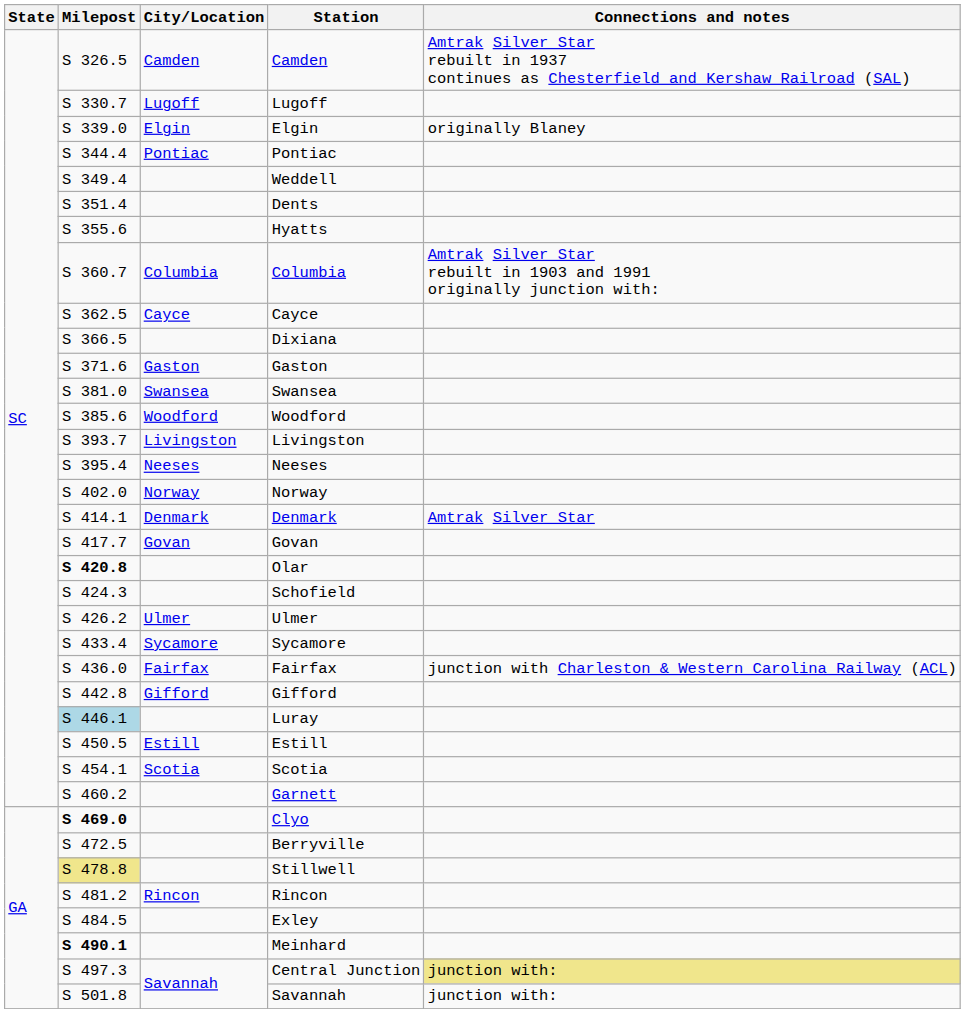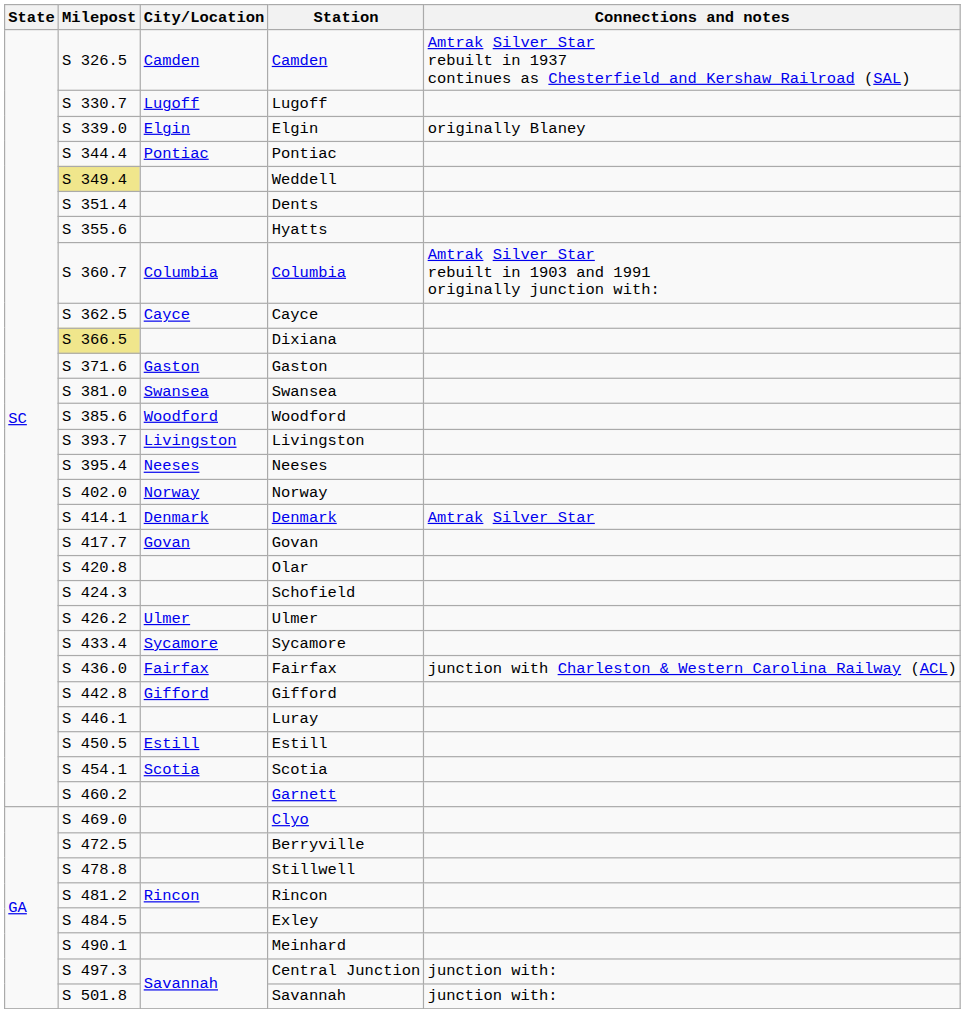 <table class="wikitable">
 <tr>
 <th>State</th>
 <th>Milepost</th>
 <th>City/Location</th>
 <th>Station</th>
 <th>Connections and notes</th>
 </tr>
 <tr>
 <td ! rowspan="28"><a href='#'>SC</a></td>
 <td>S 326.5</td>
 <td><a href='#'>Camden</a></td>
 <td><a href='#'>Camden</a></td>
 <td><a href='#'>Amtrak</a> <a href='#'>Silver Star</a><br>rebuilt in 1937<br>continues as <a href='#'>Chesterfield and Kershaw Railroad</a> (<a href='#'>SAL</a>)</td>
 </tr>
 <tr>
 <td>S 330.7</td>
 <td><a href='#'>Lugoff</a></td>
 <td>Lugoff</td>
 <td></td>
 </tr>
 <tr>
 <td>S 339.0</td>
 <td><a href='#'>Elgin</a></td>
 <td>Elgin</td>
 <td>originally Blaney</td>
 </tr>
 <tr>
 <td>S 344.4</td>
 <td><a href='#'>Pontiac</a></td>
 <td>Pontiac</td>
 <td></td>
 </tr>
 <tr>
-<td>S 349.4</td>
+<td style="background: khaki;">S 349.4</td>
 <td></td>
 <td>Weddell</td>
 <td></td>
 </tr>
 <tr>
 <td>S 351.4</td>
 <td></td>
 <td>Dents</td>
 <td></td>
 </tr>
 <tr>
 <td>S 355.6</td>
 <td></td>
 <td>Hyatts</td>
 <td></td>
 </tr>
 <tr>
 <td>S 360.7</td>
 <td><a href='#'>Columbia</a></td>
 <td><a href='#'>Columbia</a></td>
 <td><a href='#'>Amtrak</a> <a href='#'>Silver Star</a><br>rebuilt in 1903 and 1991<br>originally junction with:<br></td>
 </tr>
 <tr>
 <td>S 362.5</td>
 <td><a href='#'>Cayce</a></td>
 <td>Cayce</td>
 <td></td>
 </tr>
 <tr>
-<td>S 366.5</td>
+<td style="background: khaki;">S 366.5</td>
 <td></td>
 <td>Dixiana</td>
 <td></td>
 </tr>
 <tr>
 <td>S 371.6</td>
 <td><a href='#'>Gaston</a></td>
 <td>Gaston</td>
 <td></td>
 </tr>
 <tr>
 <td>S 381.0</td>
 <td><a href='#'>Swansea</a></td>
 <td>Swansea</td>
 <td></td>
 </tr>
 <tr>
 <td>S 385.6</td>
 <td><a href='#'>Woodford</a></td>
 <td>Woodford</td>
 <td></td>
 </tr>
 <tr>
 <td>S 393.7</td>
 <td><a href='#'>Livingston</a></td>
 <td>Livingston</td>
 <td></td>
 </tr>
 <tr>
 <td>S 395.4</td>
 <td><a href='#'>Neeses</a></td>
 <td>Neeses</td>
 <td></td>
 </tr>
 <tr>
 <td>S 402.0</td>
 <td><a href='#'>Norway</a></td>
 <td>Norway</td>
 <td></td>
 </tr>
 <tr>
 <td>S 414.1</td>
 <td><a href='#'>Denmark</a></td>
 <td><a href='#'>Denmark</a></td>
 <td><a href='#'>Amtrak</a> <a href='#'>Silver Star</a></td>
 </tr>
 <tr>
 <td>S 417.7</td>
 <td><a href='#'>Govan</a></td>
 <td>Govan</td>
 <td></td>
 </tr>
 <tr>
-<td><strong>S 420.8</strong></td>
+<td>S 420.8</td>
 <td></td>
 <td>Olar</td>
 <td></td>
 </tr>
 <tr>
 <td>S 424.3</td>
 <td></td>
 <td>Schofield</td>
 <td></td>
 </tr>
 <tr>
 <td>S 426.2</td>
 <td><a href='#'>Ulmer</a></td>
 <td>Ulmer</td>
 <td></td>
 </tr>
 <tr>
 <td>S 433.4</td>
 <td><a href='#'>Sycamore</a></td>
 <td>Sycamore</td>
 <td></td>
 </tr>
 <tr>
 <td>S 436.0</td>
 <td><a href='#'>Fairfax</a></td>
 <td>Fairfax</td>
 <td>junction with <a href='#'>Charleston & Western Carolina Railway</a> (<a href='#'>ACL</a>)</td>
 </tr>
 <tr>
 <td>S 442.8</td>
 <td><a href='#'>Gifford</a></td>
 <td>Gifford</td>
 <td></td>
 </tr>
 <tr>
-<td style="background: lightblue;">S 446.1</td>
+<td>S 446.1</td>
 <td></td>
 <td>Luray</td>
 <td></td>
 </tr>
 <tr>
 <td>S 450.5</td>
 <td><a href='#'>Estill</a></td>
 <td>Estill</td>
 <td></td>
 </tr>
 <tr>
 <td>S 454.1</td>
 <td><a href='#'>Scotia</a></td>
 <td>Scotia</td>
 <td></td>
 </tr>
 <tr>
 <td>S 460.2</td>
 <td></td>
 <td><a href='#'>Garnett</a></td>
 <td></td>
 </tr>
 <tr>
 <td ! rowspan="8"><a href='#'>GA</a></td>
-<td><strong>S 469.0</strong></td>
+<td>S 469.0</td>
 <td></td>
 <td><a href='#'>Clyo</a></td>
 <td></td>
 </tr>
 <tr>
 <td>S 472.5</td>
 <td></td>
 <td>Berryville</td>
 <td></td>
 </tr>
 <tr>
-<td style="background: khaki;">S 478.8</td>
+<td>S 478.8</td>
 <td></td>
 <td>Stillwell</td>
 <td></td>
 </tr>
 <tr>
 <td>S 481.2</td>
 <td><a href='#'>Rincon</a></td>
 <td>Rincon</td>
 <td></td>
 </tr>
 <tr>
 <td>S 484.5</td>
 <td></td>
 <td>Exley</td>
 <td></td>
 </tr>
 <tr>
-<td><strong>S 490.1</strong></td>
+<td>S 490.1</td>
 <td></td>
 <td>Meinhard</td>
 <td></td>
 </tr>
 <tr>
 <td>S 497.3</td>
 <td ! rowspan="2"><a href='#'>Savannah</a></td>
 <td>Central Junction</td>
-<td style="background: khaki;">junction with:<br></td>
+<td>junction with:<br></td>
 </tr>
 <tr>
 <td>S 501.8</td>
 <td>Savannah</td>
 <td>junction with:<br></td>
 </tr>
 <tr>
 </tr>
 </table>
